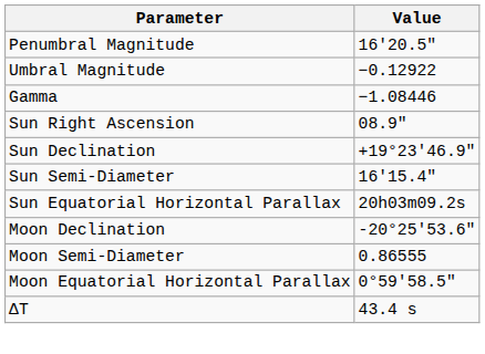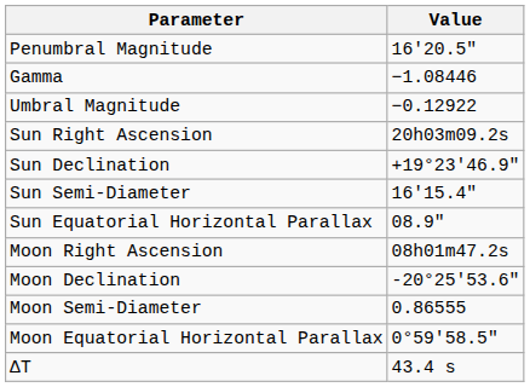 <table class="wikitable">
 <tr>
 <th>Parameter</th>
 <th>Value</th>
 </tr>
 <tr>
 <td>Penumbral Magnitude</td>
 <td>16'20.5"</td>
 </tr>
 <tr>
+<td>Gamma</td>
+<td>−1.08446</td>
+</tr>
+<tr>
 <td>Umbral Magnitude</td>
 <td>−0.12922</td>
 </tr>
 <tr>
-<td>Gamma</td>
-<td>−1.08446</td>
-</tr>
-<tr>
 <td>Sun Right Ascension</td>
-<td>08.9"</td>
+<td>20h03m09.2s</td>
 </tr>
 <tr>
 <td>Sun Declination</td>
 <td>+19°23'46.9"</td>
 </tr>
 <tr>
 <td>Sun Semi-Diameter</td>
 <td>16'15.4"</td>
 </tr>
 <tr>
 <td>Sun Equatorial Horizontal Parallax</td>
-<td>20h03m09.2s</td>
+<td>08.9"</td>
+</tr>
+<tr>
+<td>Moon Right Ascension</td>
+<td>08h01m47.2s</td>
 </tr>
 <tr>
 <td>Moon Declination</td>
 <td>-20°25'53.6"</td>
 </tr>
 <tr>
 <td>Moon Semi-Diameter</td>
 <td>0.86555</td>
 </tr>
 <tr>
 <td>Moon Equatorial Horizontal Parallax</td>
 <td>0°59'58.5"</td>
 </tr>
 <tr>
 <td>ΔT</td>
 <td>43.4 s</td>
 </tr>
 </table>
